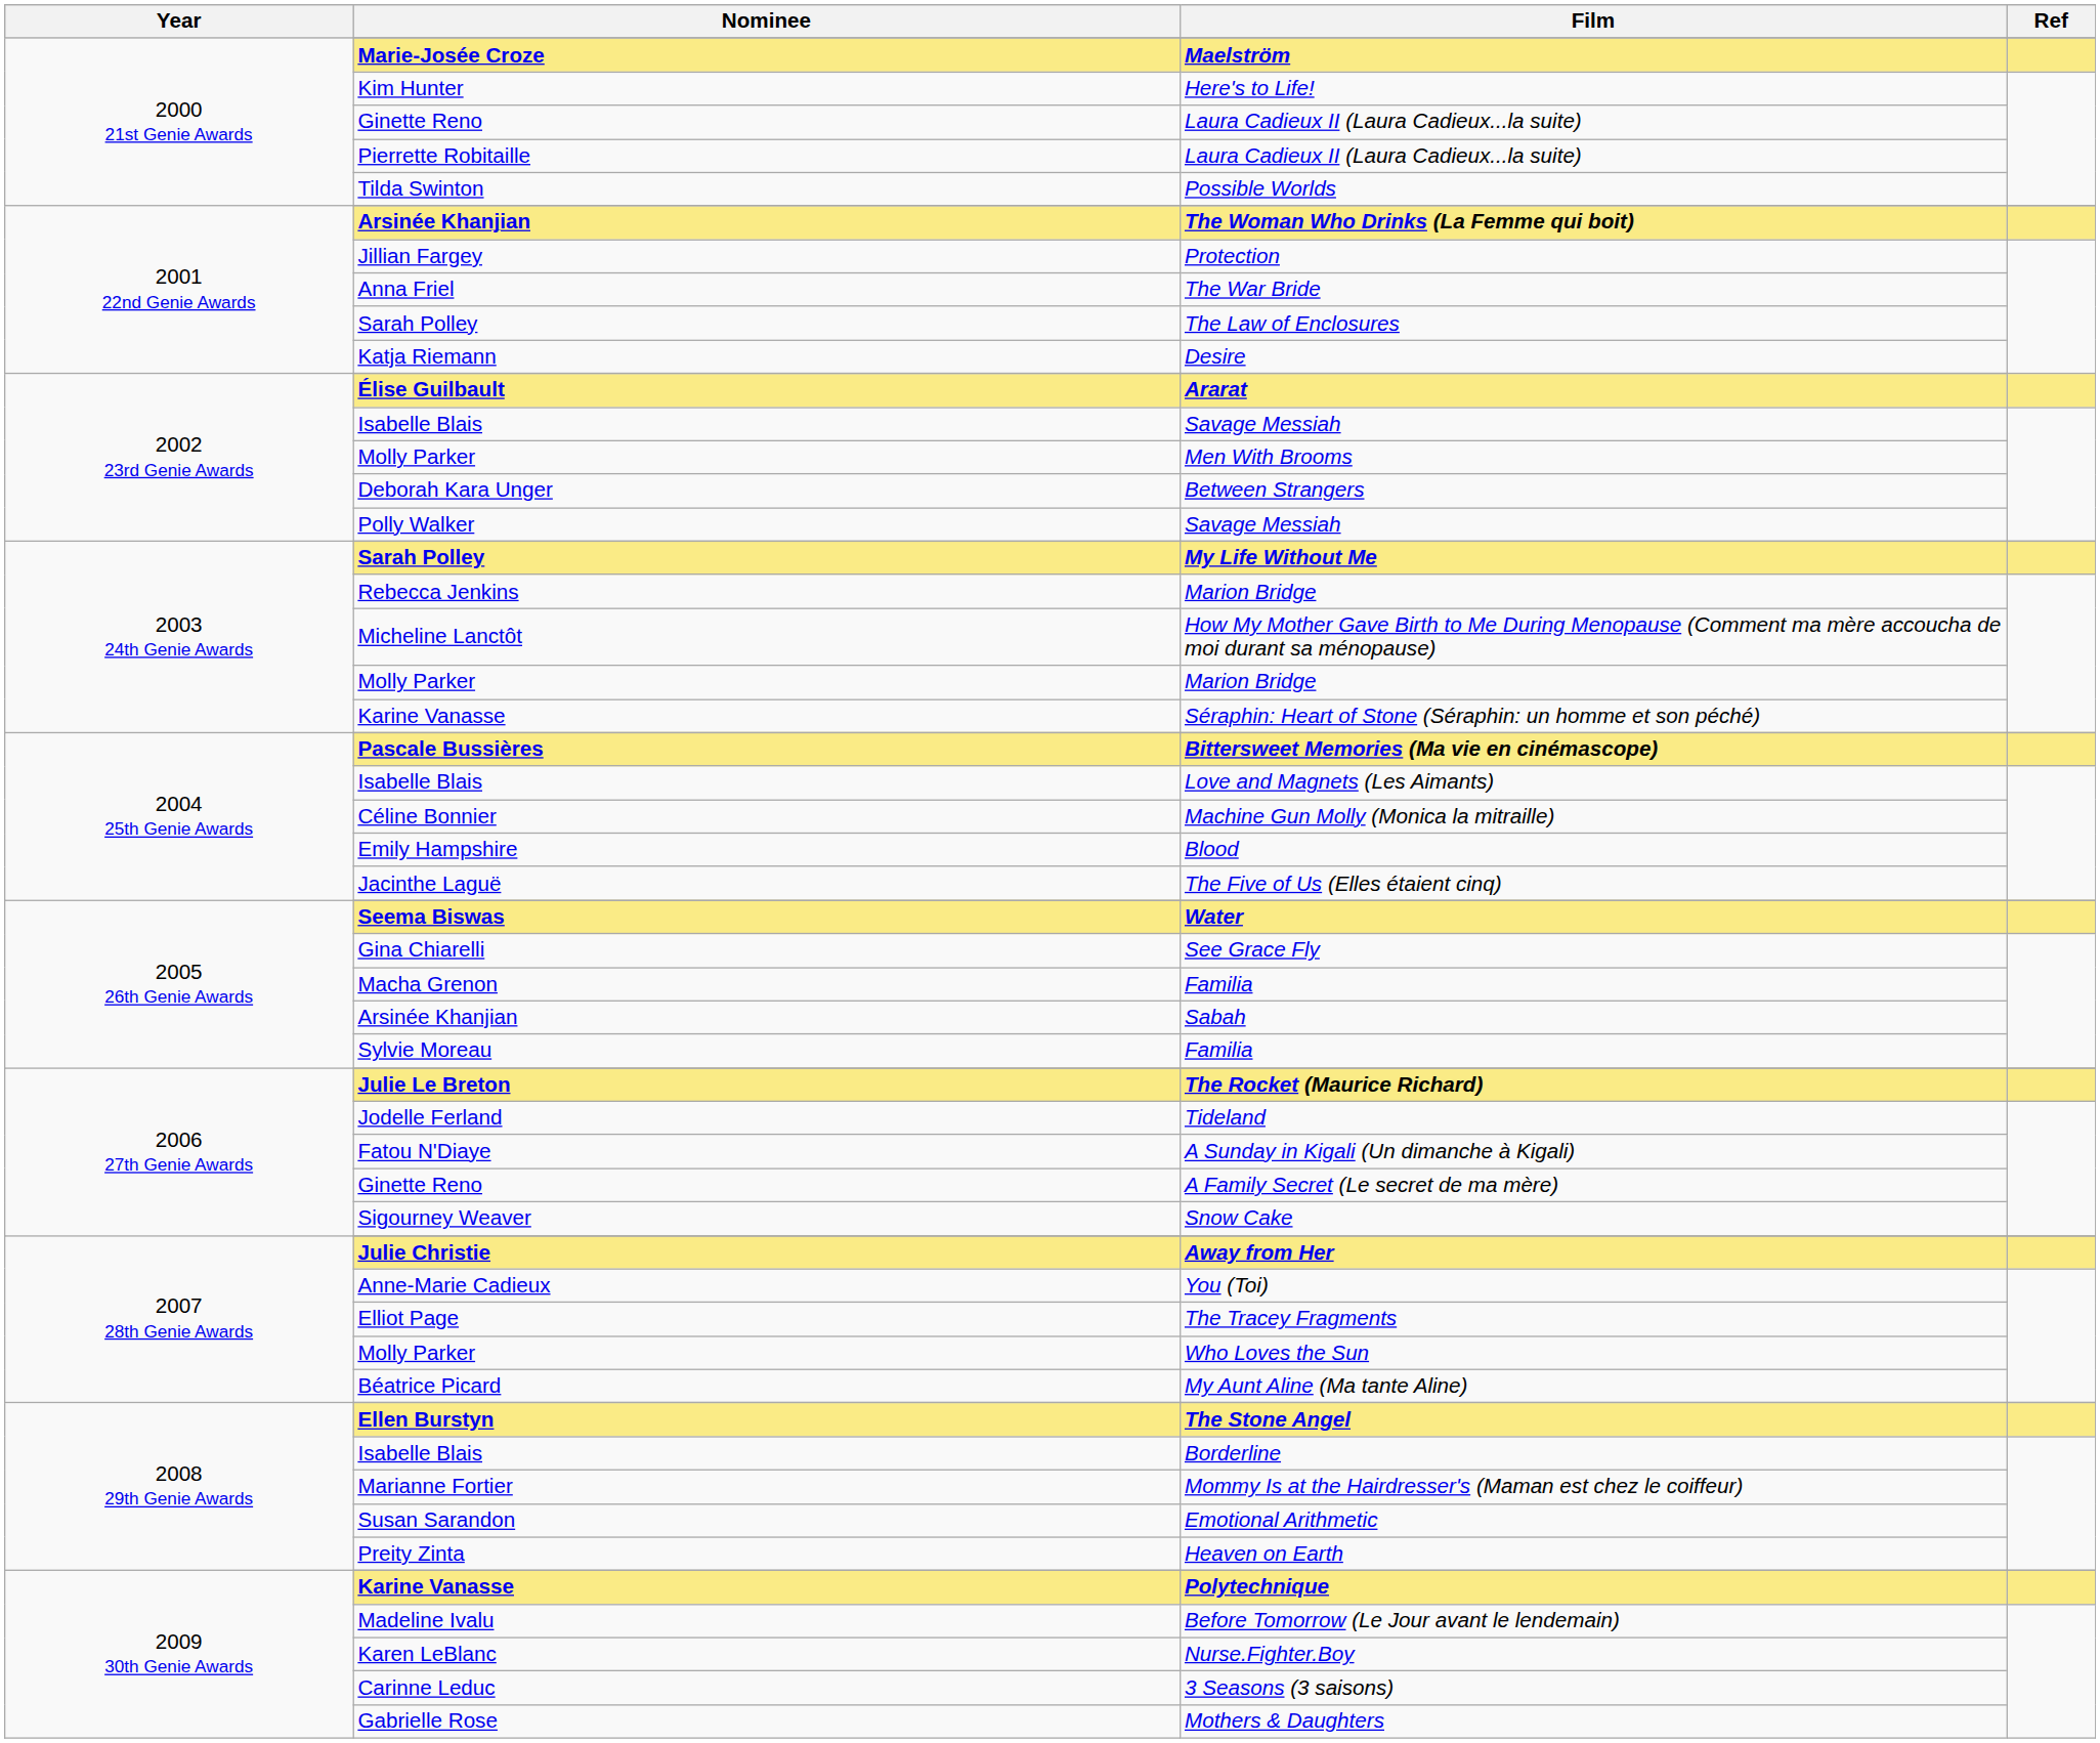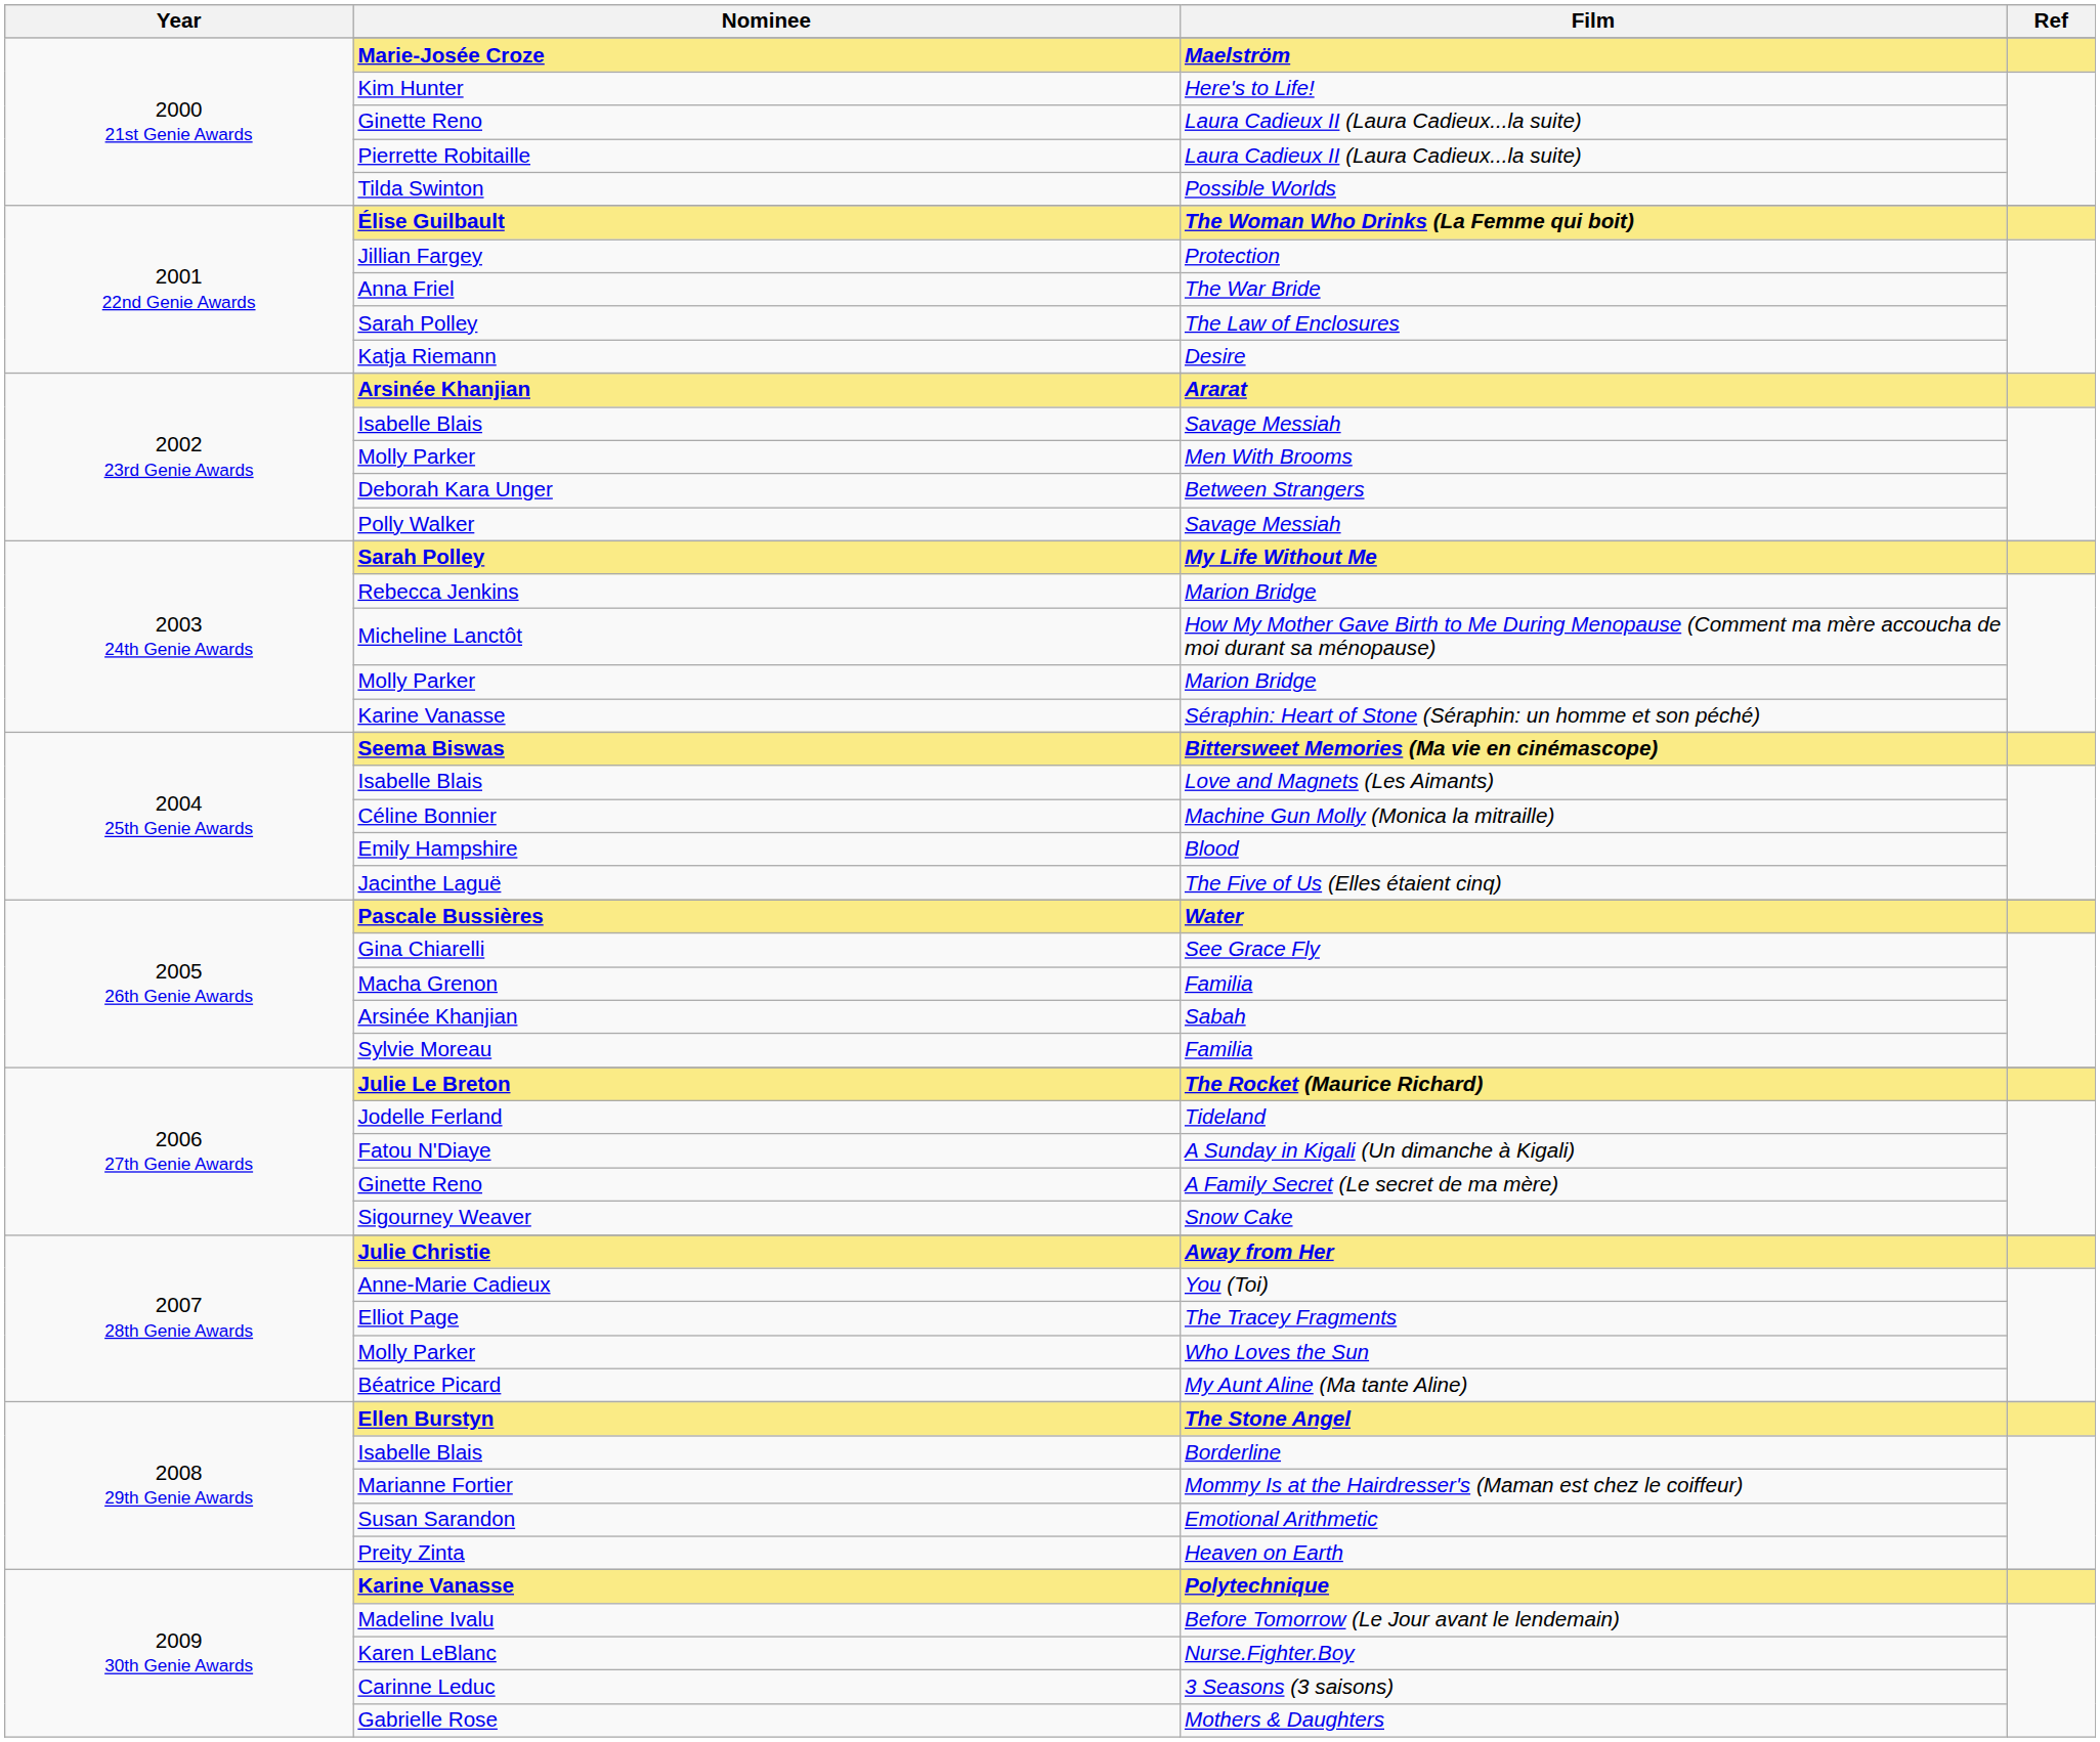 <table class="wikitable" style="width:100%;">
 <tr style="background:#bebebe;">
 <th style="width:8%;">Year</th>
 <th style="width:19%;">Nominee</th>
 <th style="width:19%;">Film</th>
 <th style="width:2%;">Ref</th>
 </tr>
 <tr>
 <td rowspan="6" align="center">2000<br> <small><a href='#'>21st Genie Awards</a></small></td>
 </tr>
 <tr style="background:#FAEB86;">
 <td><strong><a href='#'>Marie-Josée Croze</a></strong></td>
 <td><strong><em><a href='#'>Maelström</a></em></strong></td>
 <td></td>
 </tr>
 <tr>
 <td><a href='#'>Kim Hunter</a></td>
 <td><em><a href='#'>Here's to Life!</a></em></td>
 <td rowspan=4></td>
 </tr>
 <tr>
 <td><a href='#'>Ginette Reno</a></td>
 <td><em><a href='#'>Laura Cadieux II</a> (Laura Cadieux...la suite)</em></td>
 </tr>
 <tr>
 <td><a href='#'>Pierrette Robitaille</a></td>
 <td><em><a href='#'>Laura Cadieux II</a> (Laura Cadieux...la suite)</em></td>
 </tr>
 <tr>
 <td><a href='#'>Tilda Swinton</a></td>
 <td><em><a href='#'>Possible Worlds</a></em></td>
 </tr>
 <tr>
 <td rowspan="6" align="center">2001 <br> <small><a href='#'>22nd Genie Awards</a></small></td>
 </tr>
 <tr style="background:#FAEB86;">
-<td><strong><a href='#'>Arsinée Khanjian</a></strong></td>
+<td><strong><a href='#'>Élise Guilbault</a></strong></td>
 <td><strong><em><a href='#'>The Woman Who Drinks</a> (La Femme qui boit)</em></strong></td>
 <td></td>
 </tr>
 <tr>
 <td><a href='#'>Jillian Fargey</a></td>
 <td><em><a href='#'>Protection</a></em></td>
 <td rowspan=5></td>
 </tr>
 <tr>
 <td><a href='#'>Anna Friel</a></td>
 <td><em><a href='#'>The War Bride</a></em></td>
 </tr>
 <tr>
 <td><a href='#'>Sarah Polley</a></td>
 <td><em><a href='#'>The Law of Enclosures</a></em></td>
 </tr>
 <tr>
 <td><a href='#'>Katja Riemann</a></td>
 <td><em><a href='#'>Desire</a></em></td>
 </tr>
 <tr>
 <td rowspan="6" align="center">2002 <br> <small><a href='#'>23rd Genie Awards</a></small></td>
 </tr>
 <tr style="background:#FAEB86;">
-<td><strong><a href='#'>Élise Guilbault</a></strong></td>
+<td><strong><a href='#'>Arsinée Khanjian</a></strong></td>
 <td><strong><em><a href='#'>Ararat</a></em></strong></td>
 <td></td>
 </tr>
 <tr>
 <td><a href='#'>Isabelle Blais</a></td>
 <td><em><a href='#'>Savage Messiah</a></em></td>
 <td rowspan=4></td>
 </tr>
 <tr>
 <td><a href='#'>Molly Parker</a></td>
 <td><em><a href='#'>Men With Brooms</a></em></td>
 </tr>
 <tr>
 <td><a href='#'>Deborah Kara Unger</a></td>
 <td><em><a href='#'>Between Strangers</a></em></td>
 </tr>
 <tr>
 <td><a href='#'>Polly Walker</a></td>
 <td><em><a href='#'>Savage Messiah</a></em></td>
 </tr>
 <tr>
 <td rowspan="6" align="center">2003 <br> <small><a href='#'>24th Genie Awards</a></small></td>
 </tr>
 <tr style="background:#FAEB86;">
 <td><strong><a href='#'>Sarah Polley</a></strong></td>
 <td><strong><em><a href='#'>My Life Without Me</a></em></strong></td>
 <td></td>
 </tr>
 <tr>
 <td><a href='#'>Rebecca Jenkins</a></td>
 <td><em><a href='#'>Marion Bridge</a></em></td>
 <td rowspan=4></td>
 </tr>
 <tr>
 <td><a href='#'>Micheline Lanctôt</a></td>
 <td><em><a href='#'>How My Mother Gave Birth to Me During Menopause</a> (Comment ma mère accoucha de moi durant sa ménopause)</em></td>
 </tr>
 <tr>
 <td><a href='#'>Molly Parker</a></td>
 <td><em><a href='#'>Marion Bridge</a></em></td>
 </tr>
 <tr>
 <td><a href='#'>Karine Vanasse</a></td>
 <td><em><a href='#'>Séraphin: Heart of Stone</a> (Séraphin: un homme et son péché)</em></td>
 </tr>
 <tr>
 <td rowspan="6" align="center">2004 <br> <small><a href='#'>25th Genie Awards</a></small></td>
 </tr>
 <tr style="background:#FAEB86;">
-<td><strong><a href='#'>Pascale Bussières</a></strong></td>
+<td><strong><a href='#'>Seema Biswas</a></strong></td>
 <td><strong><em><a href='#'>Bittersweet Memories</a> (Ma vie en cinémascope)</em></strong></td>
 <td></td>
 </tr>
 <tr>
 <td><a href='#'>Isabelle Blais</a></td>
 <td><em><a href='#'>Love and Magnets</a> (Les Aimants)</em></td>
 <td rowspan=4></td>
 </tr>
 <tr>
 <td><a href='#'>Céline Bonnier</a></td>
 <td><em><a href='#'>Machine Gun Molly</a> (Monica la mitraille)</em></td>
 </tr>
 <tr>
 <td><a href='#'>Emily Hampshire</a></td>
 <td><em><a href='#'>Blood</a></em></td>
 </tr>
 <tr>
 <td><a href='#'>Jacinthe Laguë</a></td>
 <td><em><a href='#'>The Five of Us</a> (Elles étaient cinq)</em></td>
 </tr>
 <tr>
 <td rowspan="6" align="center">2005 <br> <small><a href='#'>26th Genie Awards</a></small></td>
 </tr>
 <tr style="background:#FAEB86;">
-<td><strong><a href='#'>Seema Biswas</a></strong></td>
+<td><strong><a href='#'>Pascale Bussières</a></strong></td>
 <td><strong><em><a href='#'>Water</a></em></strong></td>
 <td></td>
 </tr>
 <tr>
 <td><a href='#'>Gina Chiarelli</a></td>
 <td><em><a href='#'>See Grace Fly</a></em></td>
 <td rowspan=4></td>
 </tr>
 <tr>
 <td><a href='#'>Macha Grenon</a></td>
 <td><em><a href='#'>Familia</a></em></td>
 </tr>
 <tr>
 <td><a href='#'>Arsinée Khanjian</a></td>
 <td><em><a href='#'>Sabah</a></em></td>
 </tr>
 <tr>
 <td><a href='#'>Sylvie Moreau</a></td>
 <td><em><a href='#'>Familia</a></em></td>
 </tr>
 <tr>
 <td rowspan="6" align="center">2006 <br> <small><a href='#'>27th Genie Awards</a></small></td>
 </tr>
 <tr style="background:#FAEB86;">
 <td><strong><a href='#'>Julie Le Breton</a></strong></td>
 <td><strong><em><a href='#'>The Rocket</a> (Maurice Richard)</em></strong></td>
 <td></td>
 </tr>
 <tr>
 <td><a href='#'>Jodelle Ferland</a></td>
 <td><em><a href='#'>Tideland</a></em></td>
 <td rowspan=4></td>
 </tr>
 <tr>
 <td><a href='#'>Fatou N'Diaye</a></td>
 <td><em><a href='#'>A Sunday in Kigali</a> (Un dimanche à Kigali)</em></td>
 </tr>
 <tr>
 <td><a href='#'>Ginette Reno</a></td>
 <td><em><a href='#'>A Family Secret</a> (Le secret de ma mère)</em></td>
 </tr>
 <tr>
 <td><a href='#'>Sigourney Weaver</a></td>
 <td><em><a href='#'>Snow Cake</a></em></td>
 </tr>
 <tr>
 <td rowspan="6" align="center">2007 <br> <small><a href='#'>28th Genie Awards</a></small></td>
 </tr>
 <tr style="background:#FAEB86;">
 <td><strong><a href='#'>Julie Christie</a></strong></td>
 <td><strong><em><a href='#'>Away from Her</a></em></strong></td>
 <td></td>
 </tr>
 <tr>
 <td><a href='#'>Anne-Marie Cadieux</a></td>
 <td><em><a href='#'>You</a> (Toi)</em></td>
 <td rowspan=4></td>
 </tr>
 <tr>
 <td><a href='#'>Elliot Page</a></td>
 <td><em><a href='#'>The Tracey Fragments</a></em></td>
 </tr>
 <tr>
 <td><a href='#'>Molly Parker</a></td>
 <td><em><a href='#'>Who Loves the Sun</a></em></td>
 </tr>
 <tr>
 <td><a href='#'>Béatrice Picard</a></td>
 <td><em><a href='#'>My Aunt Aline</a> (Ma tante Aline)</em></td>
 </tr>
 <tr>
 <td rowspan="6" align="center">2008 <br> <small><a href='#'>29th Genie Awards</a></small></td>
 </tr>
 <tr style="background:#FAEB86;">
 <td><strong><a href='#'>Ellen Burstyn</a></strong></td>
 <td><strong><em><a href='#'>The Stone Angel</a></em></strong></td>
 <td></td>
 </tr>
 <tr>
 <td><a href='#'>Isabelle Blais</a></td>
 <td><em><a href='#'>Borderline</a></em></td>
 <td rowspan=4></td>
 </tr>
 <tr>
 <td><a href='#'>Marianne Fortier</a></td>
 <td><em><a href='#'>Mommy Is at the Hairdresser's</a> (Maman est chez le coiffeur)</em></td>
 </tr>
 <tr>
 <td><a href='#'>Susan Sarandon</a></td>
 <td><em><a href='#'>Emotional Arithmetic</a></em></td>
 </tr>
 <tr>
 <td><a href='#'>Preity Zinta</a></td>
 <td><em><a href='#'>Heaven on Earth</a></em></td>
 </tr>
 <tr>
 <td rowspan="6" align="center">2009 <br> <small><a href='#'>30th Genie Awards</a></small></td>
 </tr>
 <tr style="background:#FAEB86;">
 <td><strong><a href='#'>Karine Vanasse</a></strong></td>
 <td><strong><em><a href='#'>Polytechnique</a></em></strong></td>
 <td></td>
 </tr>
 <tr>
 <td><a href='#'>Madeline Ivalu</a></td>
 <td><em><a href='#'>Before Tomorrow</a> (Le Jour avant le lendemain)</em></td>
 <td rowspan=4></td>
 </tr>
 <tr>
 <td><a href='#'>Karen LeBlanc</a></td>
 <td><em><a href='#'>Nurse.Fighter.Boy</a></em></td>
 </tr>
 <tr>
 <td><a href='#'>Carinne Leduc</a></td>
 <td><em><a href='#'>3 Seasons</a> (3 saisons)</em></td>
 </tr>
 <tr>
 <td><a href='#'>Gabrielle Rose</a></td>
 <td><em><a href='#'>Mothers & Daughters</a></em></td>
 </tr>
 </table>
